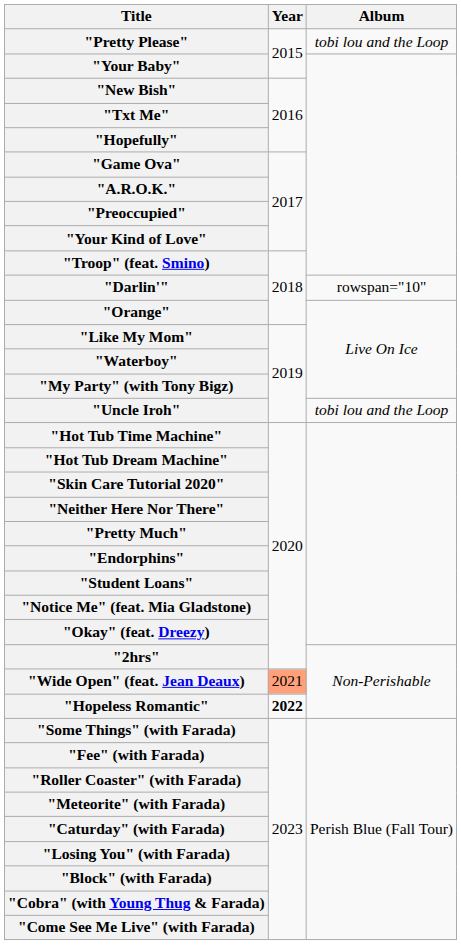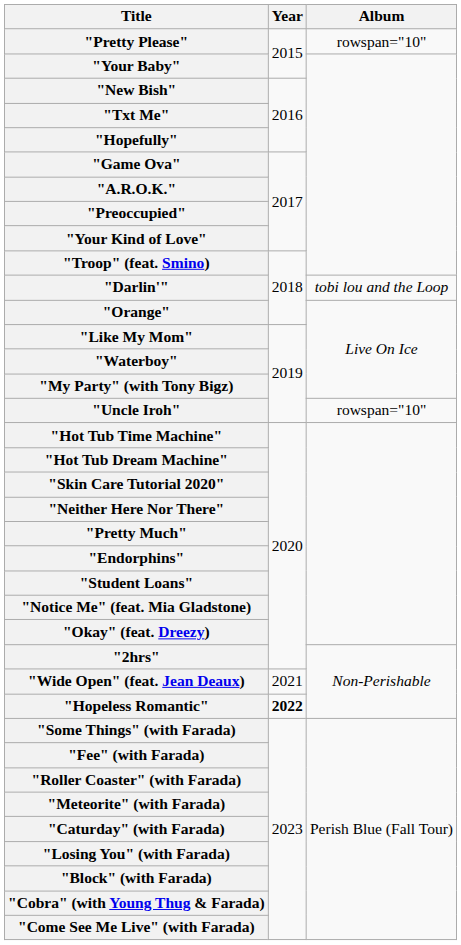 <table class="wikitable plainrowheaders" style="text-align:center;">
 <tr>
 <th scope="col">Title</th>
 <th scope="col">Year</th>
 <th scope="col">Album</th>
 </tr>
 <tr>
 <th scope="row">"Pretty Please"</th>
 <td rowspan="2">2015</td>
-<td><em>tobi lou and the Loop</em></td>
+<td>rowspan="10" </td>
 </tr>
 <tr>
 <th scope="row">"Your Baby"</th>
 </tr>
 <tr>
 <th scope="row">"New Bish"</th>
 <td rowspan="3">2016</td>
 </tr>
 <tr>
 <th scope="row">"Txt Me"</th>
 </tr>
 <tr>
 <th scope="row">"Hopefully"</th>
 </tr>
 <tr>
 <th scope="row">"Game Ova"</th>
 <td rowspan="4">2017</td>
 </tr>
 <tr>
 <th scope="row">"A.R.O.K."</th>
 </tr>
 <tr>
 <th scope="row">"Preoccupied"</th>
 </tr>
 <tr>
 <th scope="row">"Your Kind of Love"</th>
 </tr>
 <tr>
 <th scope="row">"Troop" (feat. <a href='#'>Smino</a>)</th>
 <td rowspan="3">2018</td>
 </tr>
 <tr>
 <th scope="row">"Darlin'"</th>
-<td>rowspan="10" </td>
+<td><em>tobi lou and the Loop</em></td>
 </tr>
 <tr>
 <th scope="row">"Orange"</th>
 <td rowspan="4"><em>Live On Ice</em></td>
 </tr>
 <tr>
 <th scope="row">"Like My Mom"</th>
 <td rowspan="4">2019</td>
 </tr>
 <tr>
 <th scope="row">"Waterboy"</th>
 </tr>
 <tr>
 <th scope="row">"My Party" (with Tony Bigz)</th>
 </tr>
 <tr>
 <th scope="row">"Uncle Iroh"</th>
-<td><em>tobi lou and the Loop</em></td>
+<td>rowspan="10" </td>
 </tr>
 <tr>
 <th scope="row">"Hot Tub Time Machine"</th>
 <td rowspan="10">2020</td>
 </tr>
 <tr>
 <th scope="row">"Hot Tub Dream Machine"</th>
 </tr>
 <tr>
 <th scope="row">"Skin Care Tutorial 2020"</th>
 </tr>
 <tr>
 <th scope="row">"Neither Here Nor There"</th>
 </tr>
 <tr>
 <th scope="row">"Pretty Much"</th>
 </tr>
 <tr>
 <th scope="row">"Endorphins"</th>
 </tr>
 <tr>
 <th scope="row">"Student Loans"</th>
 </tr>
 <tr>
 <th scope="row">"Notice Me" (feat. Mia Gladstone)</th>
 </tr>
 <tr>
 <th scope="row">"Okay" (feat. <a href='#'>Dreezy</a>)</th>
 </tr>
 <tr>
 <th scope="row">"2hrs"</th>
 <td rowspan="3"><em>Non-Perishable</em></td>
 </tr>
 <tr>
 <th scope="row">"Wide Open" (feat. <a href='#'>Jean Deaux</a>)</th>
-<td style="background: lightsalmon;">2021</td>
+<td>2021</td>
 </tr>
 <tr>
 <th scope="row">"Hopeless Romantic"</th>
 <td><strong>2022</strong></td>
 </tr>
 <tr>
 <th scope="row">"Some Things" (with Farada)</th>
 <td rowspan="9">2023</td>
 <td rowspan="9">Perish Blue (Fall Tour)</td>
 </tr>
 <tr>
 <th scope="row">"Fee" (with Farada)</th>
 </tr>
 <tr>
 <th scope="row">"Roller Coaster" (with Farada)</th>
 </tr>
 <tr>
 <th scope="row">"Meteorite" (with Farada)</th>
 </tr>
 <tr>
 <th scope="row">"Caturday" (with Farada)</th>
 </tr>
 <tr>
 <th scope="row">"Losing You" (with Farada)</th>
 </tr>
 <tr>
 <th scope="row">"Block" (with Farada)</th>
 </tr>
 <tr>
 <th scope="row">"Cobra" (with <a href='#'>Young Thug</a> & Farada)</th>
 </tr>
 <tr>
 <th scope="row">"Come See Me Live" (with Farada)</th>
 </tr>
 </table>
